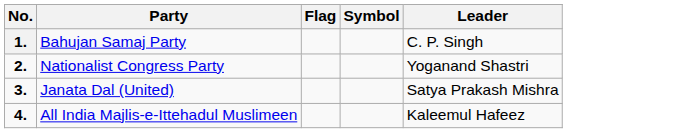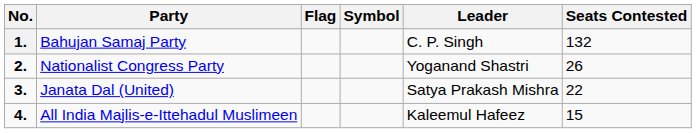 <table class="wikitable" "width="50%">
 <tr>
 <th>No.</th>
 <th>Party</th>
 <th>Flag</th>
 <th>Symbol</th>
 <th>Leader</th>
+<th>Seats Contested</th>
 </tr>
 <tr>
 <th style="text-align:center; background:"><strong>1.</strong></th>
 <td><a href='#'>Bahujan Samaj Party</a></td>
 <td></td>
 <td></td>
 <td>C. P. Singh</td>
+<td>132</td>
 </tr>
 <tr>
 <td style="text-align:center; background:"><strong>2.</strong></td>
 <td><a href='#'>Nationalist Congress Party</a></td>
 <td></td>
 <td></td>
 <td>Yoganand Shastri</td>
+<td>26</td>
 </tr>
 <tr>
 <td style="text-align:center; background:"><strong>3.</strong></td>
 <td><a href='#'>Janata Dal (United)</a></td>
 <td></td>
 <td></td>
 <td>Satya Prakash Mishra</td>
+<td>22</td>
 </tr>
 <tr>
 <td ! style="text-align:center; background:"><strong>4.</strong></td>
 <td><a href='#'>All India Majlis-e-Ittehadul Muslimeen</a></td>
 <td></td>
 <td></td>
 <td>Kaleemul Hafeez</td>
+<td>15</td>
 </tr>
 </table>
